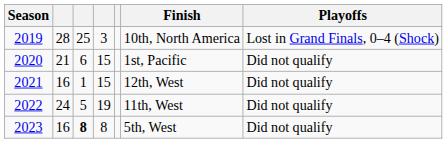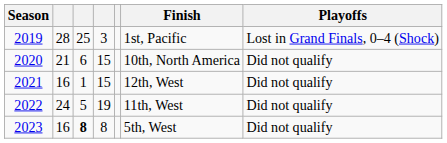 <table class="wikitable" style="text-align:center;">
 <tr>
 <th style="background:#">Season</th>
 <th style="background:#"></th>
 <th style="background:#"></th>
 <th style="background:#"></th>
 <th style="background:#"></th>
 <th style="background:#">Finish</th>
 <th style="background:#">Playoffs</th>
 </tr>
 <tr>
 <td><a href='#'>2019</a></td>
 <td>28</td>
 <td>25</td>
 <td>3</td>
 <td></td>
-<td style="text-align:left">10th, North America</td>
+<td style="text-align:left">1st, Pacific</td>
 <td style="text-align:left">Lost in <a href='#'>Grand Finals</a>, 0–4 (<a href='#'>Shock</a>)</td>
 </tr>
 <tr>
 <td><a href='#'>2020</a></td>
 <td>21</td>
 <td>6</td>
 <td>15</td>
 <td></td>
-<td style="text-align:left">1st, Pacific</td>
+<td style="text-align:left">10th, North America</td>
 <td style="text-align:left">Did not qualify</td>
 </tr>
 <tr>
 <td><a href='#'>2021</a></td>
 <td>16</td>
 <td>1</td>
 <td>15</td>
 <td></td>
 <td style="text-align:left">12th, West</td>
 <td style="text-align:left">Did not qualify</td>
 </tr>
 <tr>
 <td><a href='#'>2022</a></td>
 <td>24</td>
 <td>5</td>
 <td>19</td>
 <td></td>
 <td style="text-align:left">11th, West</td>
 <td style="text-align:left">Did not qualify</td>
 </tr>
 <tr>
 <td><a href='#'>2023</a></td>
 <td>16</td>
 <td><strong>8</strong></td>
 <td>8</td>
 <td></td>
 <td style="text-align:left">5th, West</td>
 <td style="text-align:left">Did not qualify</td>
 </tr>
 </table>
